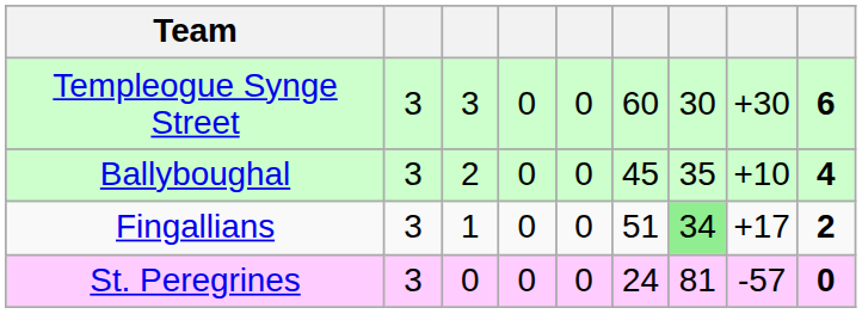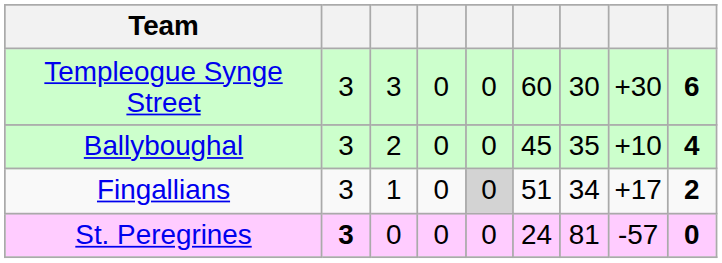 <table class="wikitable" style="text-align:center">
 <tr>
 <th style="width:175px;">Team</th>
 <th width="20"></th>
 <th width="20"></th>
 <th width="20"></th>
 <th width="20"></th>
 <th width="20"></th>
 <th width="20"></th>
 <th width="20"></th>
 <th width="20"></th>
 </tr>
 <tr style="background:#cfc;">
 <td><a href='#'>Templeogue Synge Street</a></td>
 <td>3</td>
 <td>3</td>
 <td>0</td>
 <td>0</td>
 <td>60</td>
 <td>30</td>
 <td>+30</td>
 <td><strong>6</strong></td>
 </tr>
 <tr style="background:#cfc;">
 <td><a href='#'>Ballyboughal</a></td>
 <td>3</td>
 <td>2</td>
 <td>0</td>
 <td>0</td>
 <td>45</td>
 <td>35</td>
 <td>+10</td>
 <td><strong>4</strong></td>
 </tr>
 <tr>
 <td><a href='#'>Fingallians</a></td>
 <td>3</td>
 <td>1</td>
 <td>0</td>
-<td>0</td>
+<td style="background: lightgrey;">0</td>
 <td>51</td>
-<td style="background: lightgreen;">34</td>
+<td>34</td>
 <td>+17</td>
 <td><strong>2</strong></td>
 </tr>
 <tr style="background:#fcf;">
 <td><a href='#'>St. Peregrines</a></td>
-<td>3</td>
+<td><strong>3</strong></td>
 <td>0</td>
 <td>0</td>
 <td>0</td>
 <td>24</td>
 <td>81</td>
 <td>-57</td>
 <td><strong>0</strong></td>
 </tr>
 </table>
